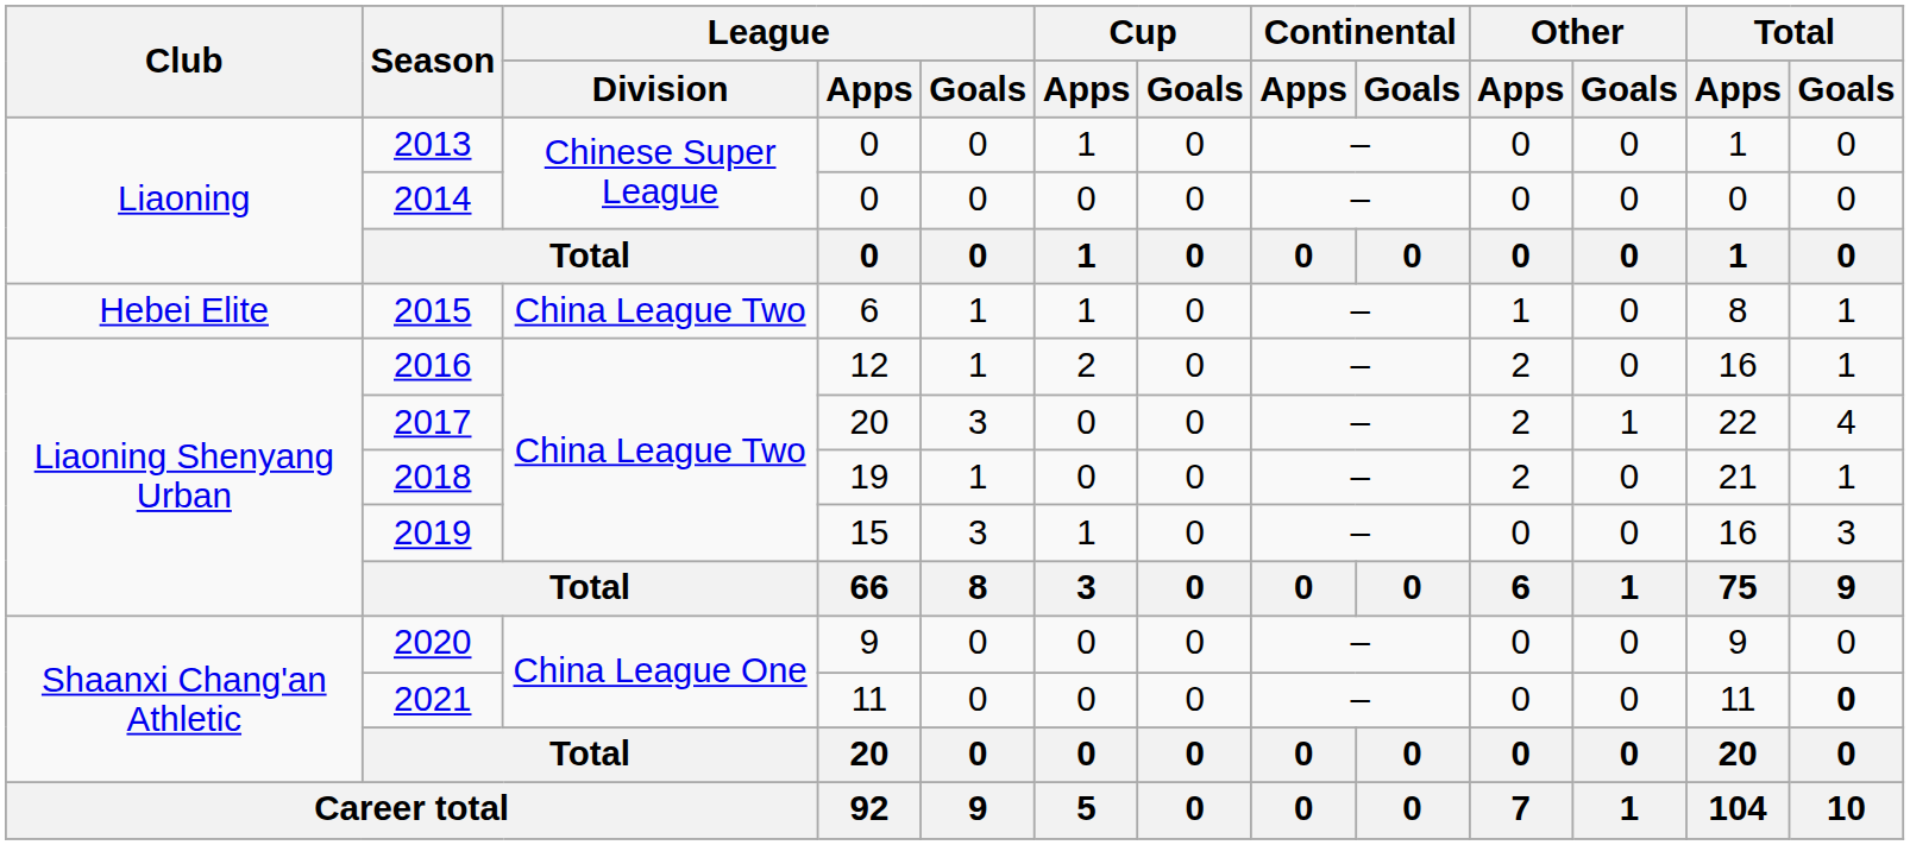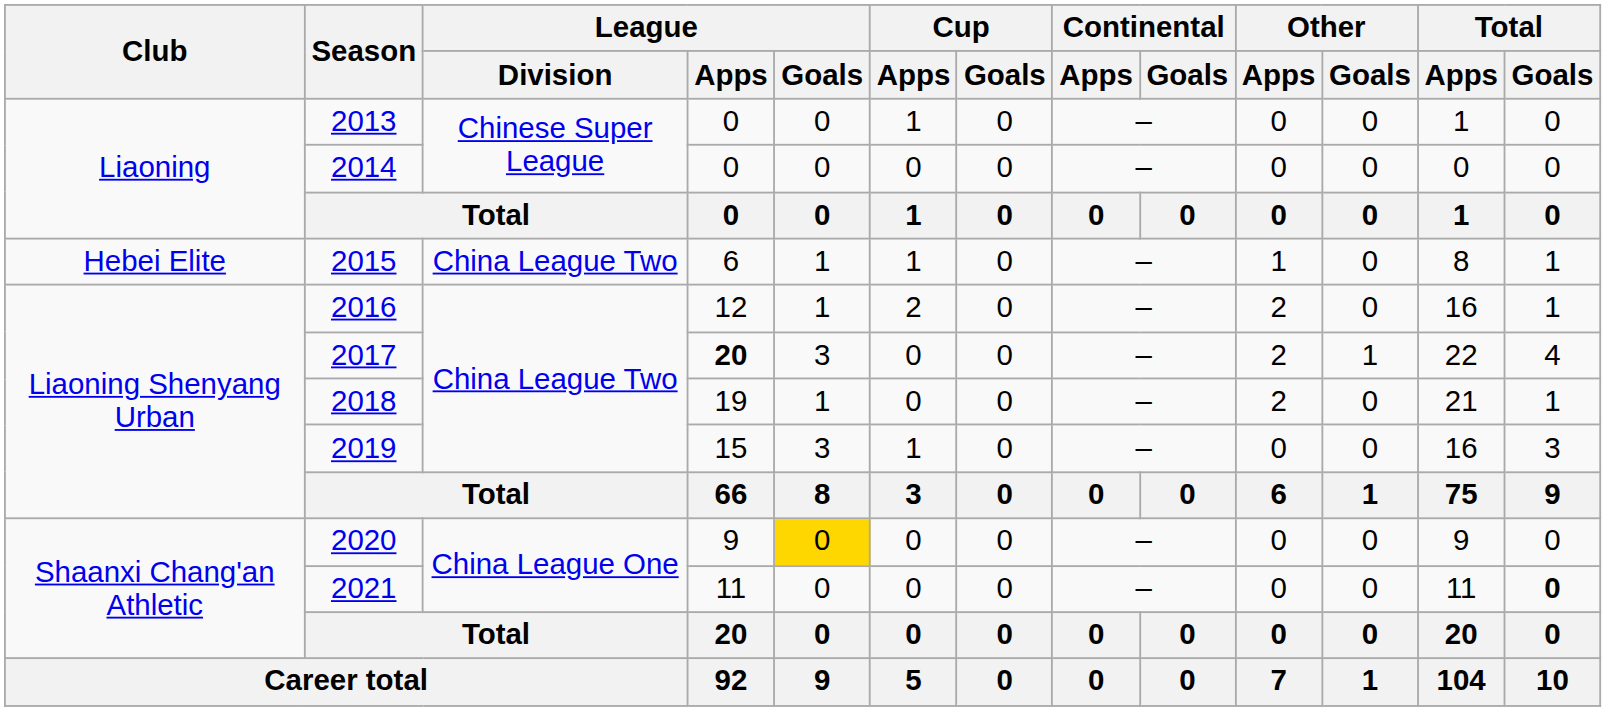 <table class="wikitable" style="text-align: center">
 <tr>
 <th rowspan="2">Club</th>
 <th rowspan="2">Season</th>
 <th colspan="3">League</th>
 <th colspan="2">Cup</th>
 <th colspan="2">Continental</th>
 <th colspan="2">Other</th>
 <th colspan="2">Total</th>
 </tr>
 <tr>
 <th>Division</th>
 <th>Apps</th>
 <th>Goals</th>
 <th>Apps</th>
 <th>Goals</th>
 <th>Apps</th>
 <th>Goals</th>
 <th>Apps</th>
 <th>Goals</th>
 <th>Apps</th>
 <th>Goals</th>
 </tr>
 <tr>
 <td rowspan="3"><a href='#'>Liaoning</a></td>
 <td><a href='#'>2013</a></td>
 <td rowspan="2"><a href='#'>Chinese Super League</a></td>
 <td>0</td>
 <td>0</td>
 <td>1</td>
 <td>0</td>
 <td colspan="2">–</td>
 <td>0</td>
 <td>0</td>
 <td>1</td>
 <td>0</td>
 </tr>
 <tr>
 <td><a href='#'>2014</a></td>
 <td>0</td>
 <td>0</td>
 <td>0</td>
 <td>0</td>
 <td colspan="2">–</td>
 <td>0</td>
 <td>0</td>
 <td>0</td>
 <td>0</td>
 </tr>
 <tr>
 <th colspan=2>Total</th>
 <th>0</th>
 <th>0</th>
 <th>1</th>
 <th>0</th>
 <th>0</th>
 <th>0</th>
 <th>0</th>
 <th>0</th>
 <th>1</th>
 <th>0</th>
 </tr>
 <tr>
 <td><a href='#'>Hebei Elite</a></td>
 <td><a href='#'>2015</a></td>
 <td><a href='#'>China League Two</a></td>
 <td>6</td>
 <td>1</td>
 <td>1</td>
 <td>0</td>
 <td colspan="2">–</td>
 <td>1</td>
 <td>0</td>
 <td>8</td>
 <td>1</td>
 </tr>
 <tr>
 <td rowspan="5"><a href='#'>Liaoning Shenyang Urban</a></td>
 <td><a href='#'>2016</a></td>
 <td rowspan="4"><a href='#'>China League Two</a></td>
 <td>12</td>
 <td>1</td>
 <td>2</td>
 <td>0</td>
 <td colspan="2">–</td>
 <td>2</td>
 <td>0</td>
 <td>16</td>
 <td>1</td>
 </tr>
 <tr>
 <td><a href='#'>2017</a></td>
-<td>20</td>
+<td><strong>20</strong></td>
 <td>3</td>
 <td>0</td>
 <td>0</td>
 <td colspan="2">–</td>
 <td>2</td>
 <td>1</td>
 <td>22</td>
 <td>4</td>
 </tr>
 <tr>
 <td><a href='#'>2018</a></td>
 <td>19</td>
 <td>1</td>
 <td>0</td>
 <td>0</td>
 <td colspan="2">–</td>
 <td>2</td>
 <td>0</td>
 <td>21</td>
 <td>1</td>
 </tr>
 <tr>
 <td><a href='#'>2019</a></td>
 <td>15</td>
 <td>3</td>
 <td>1</td>
 <td>0</td>
 <td colspan="2">–</td>
 <td>0</td>
 <td>0</td>
 <td>16</td>
 <td>3</td>
 </tr>
 <tr>
 <th colspan=2>Total</th>
 <th>66</th>
 <th>8</th>
 <th>3</th>
 <th>0</th>
 <th>0</th>
 <th>0</th>
 <th>6</th>
 <th>1</th>
 <th>75</th>
 <th>9</th>
 </tr>
 <tr>
 <td rowspan="3"><a href='#'>Shaanxi Chang'an Athletic</a></td>
 <td><a href='#'>2020</a></td>
 <td rowspan="2"><a href='#'>China League One</a></td>
 <td>9</td>
-<td>0</td>
+<td style="background: gold;">0</td>
 <td>0</td>
 <td>0</td>
 <td colspan="2">–</td>
 <td>0</td>
 <td>0</td>
 <td>9</td>
 <td>0</td>
 </tr>
 <tr>
 <td><a href='#'>2021</a></td>
 <td>11</td>
 <td>0</td>
 <td>0</td>
 <td>0</td>
 <td colspan="2">–</td>
 <td>0</td>
 <td>0</td>
 <td>11</td>
 <td><strong>0</strong></td>
 </tr>
 <tr>
 <th colspan=2>Total</th>
 <th>20</th>
 <th>0</th>
 <th>0</th>
 <th>0</th>
 <th>0</th>
 <th>0</th>
 <th>0</th>
 <th>0</th>
 <th>20</th>
 <th>0</th>
 </tr>
 <tr>
 <th colspan=3>Career total</th>
 <th>92</th>
 <th>9</th>
 <th>5</th>
 <th>0</th>
 <th>0</th>
 <th>0</th>
 <th>7</th>
 <th>1</th>
 <th>104</th>
 <th>10</th>
 </tr>
 </table>
